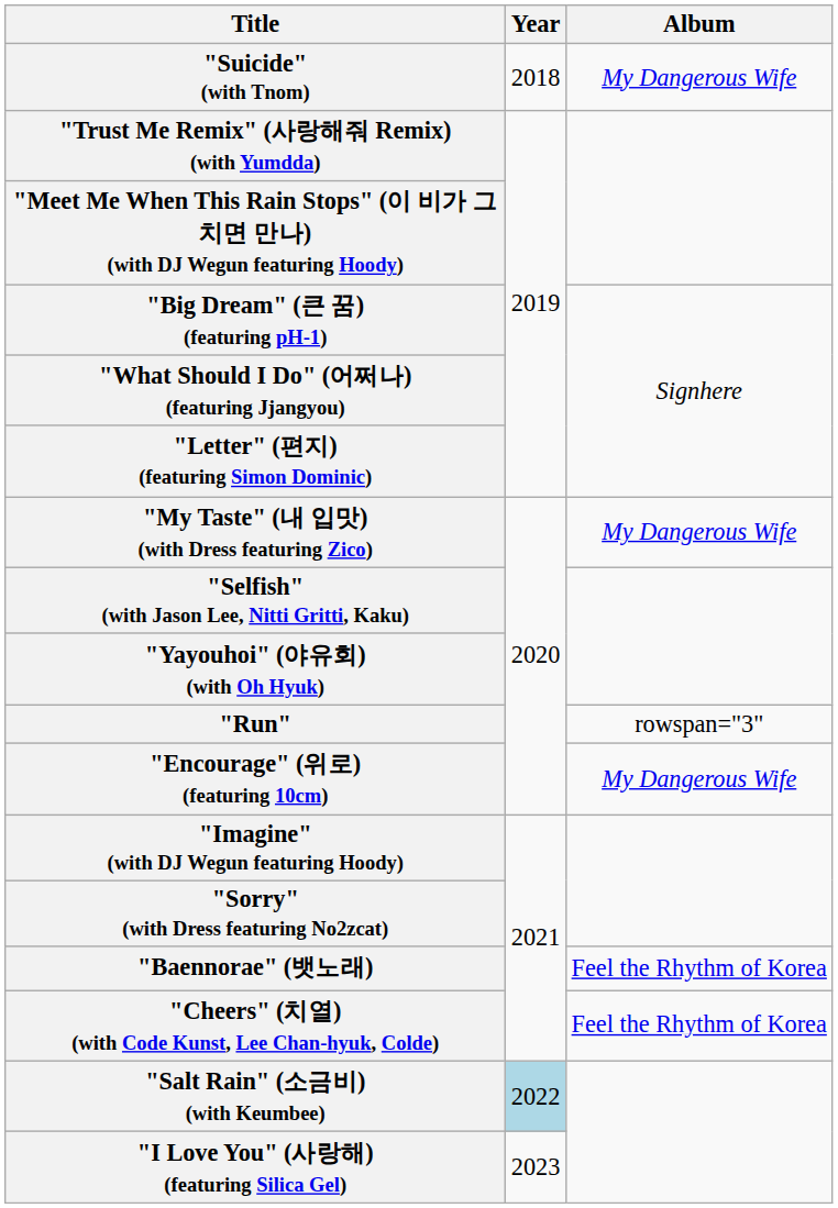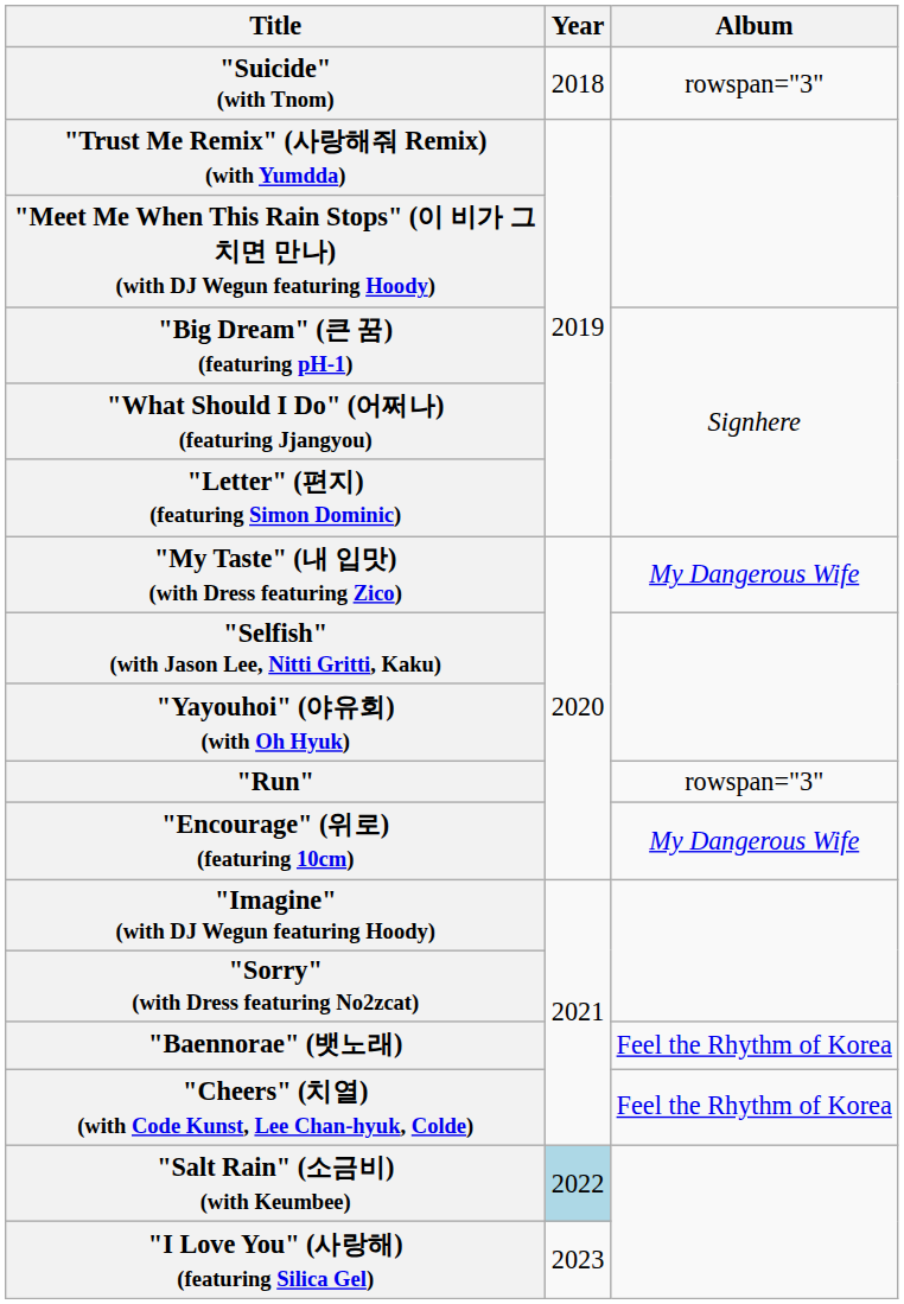 <table class="wikitable plainrowheaders" style="text-align:center;">
 <tr>
 <th scope="col" style="width:20em">Title</th>
 <th scope="col">Year</th>
 <th scope="col">Album</th>
 </tr>
 <tr>
 <th scope="row">"Suicide"<br><small>(with Tnom)</small></th>
 <td>2018</td>
-<td><em><a href='#'>My Dangerous Wife</a></em></td>
+<td>rowspan="3" </td>
 </tr>
 <tr>
 <th scope="row">"Trust Me Remix" (사랑해줘 Remix)<br><small>(with <a href='#'>Yumdda</a>)</small></th>
 <td rowspan="5">2019</td>
 </tr>
 <tr>
 <th scope="row">"Meet Me When This Rain Stops" (이 비가 그치면 만나)<br><small>(with DJ Wegun featuring <a href='#'>Hoody</a>)</small></th>
 </tr>
 <tr>
 <th scope="row">"Big Dream" (큰 꿈)<br><small>(featuring <a href='#'>pH-1</a>)</small></th>
 <td rowspan="3"><em>Signhere</em></td>
 </tr>
 <tr>
 <th scope="row">"What Should I Do" (어쩌나)<br><small>(featuring Jjangyou)</small></th>
 </tr>
 <tr>
 <th scope="row">"Letter" (편지)<br><small>(featuring <a href='#'>Simon Dominic</a>)</small></th>
 </tr>
 <tr>
 <th scope="row">"My Taste" (내 입맛)<br><small>(with Dress featuring <a href='#'>Zico</a>)</small></th>
 <td rowspan="5">2020</td>
 <td><em><a href='#'>My Dangerous Wife</a></em></td>
 </tr>
 <tr>
 <th scope="row">"Selfish"<br><small>(with Jason Lee, <a href='#'>Nitti Gritti</a>, Kaku)</small></th>
 </tr>
 <tr>
 <th scope="row">"Yayouhoi" (야유회)<br><small>(with <a href='#'>Oh Hyuk</a>)</small></th>
 </tr>
 <tr>
 <th scope="row">"Run"</th>
 <td>rowspan="3" </td>
 </tr>
 <tr>
 <th scope="row">"Encourage" (위로)<br><small>(featuring <a href='#'>10cm</a>)</small></th>
 <td><em><a href='#'>My Dangerous Wife</a></em></td>
 </tr>
 <tr>
 <th scope="row">"Imagine"<br><small>(with DJ Wegun featuring Hoody)</small></th>
 <td rowspan="4">2021</td>
 </tr>
 <tr>
 <th scope="row">"Sorry"<br><small>(with Dress featuring No2zcat)</small></th>
 </tr>
 <tr>
 <th scope="row">"Baennorae" (뱃노래)</th>
 <td><a href='#'>Feel the Rhythm of Korea</a></td>
 </tr>
 <tr>
 <th scope="row">"Cheers" (치열)<br><small>(with <a href='#'>Code Kunst</a>, <a href='#'>Lee Chan-hyuk</a>, <a href='#'>Colde</a>)</small></th>
 <td><a href='#'>Feel the Rhythm of Korea</a></td>
 </tr>
 <tr>
 <th scope="row">"Salt Rain" (소금비)<br><small>(with Keumbee)</small></th>
 <td style="background: lightblue;">2022</td>
 </tr>
 <tr>
 <th scope="row">"I Love You" (사랑해)<br><small>(featuring <a href='#'>Silica Gel</a>)</small></th>
 <td>2023</td>
 </tr>
 </table>
